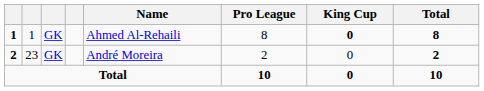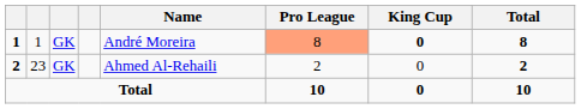 <table class="wikitable" style="text-align:center">
 <tr>
 <th width=15></th>
 <th width=15></th>
 <th width=15></th>
 <th width=15></th>
 <th width=165>Name</th>
 <th width=100>Pro League</th>
 <th width=100>King Cup</th>
 <th width=100>Total</th>
 </tr>
 <tr>
 <td><strong>1</strong></td>
 <td>1</td>
 <td><a href='#'>GK</a></td>
 <td></td>
-<td align=left><a href='#'>Ahmed Al-Rehaili</a></td>
-<td>8</td>
+<td align=left><a href='#'>André Moreira</a></td>
+<td style="background: lightsalmon;">8</td>
 <td><strong>0</strong></td>
 <td><strong>8</strong></td>
 </tr>
 <tr>
 <td><strong>2</strong></td>
 <td>23</td>
 <td><a href='#'>GK</a></td>
 <td></td>
-<td align=left><a href='#'>André Moreira</a></td>
+<td align=left><a href='#'>Ahmed Al-Rehaili</a></td>
 <td>2</td>
 <td>0</td>
 <td><strong>2</strong></td>
 </tr>
 <tr>
 <td colspan=5><strong>Total</strong></td>
 <td><strong>10</strong></td>
 <td><strong>0</strong></td>
 <td><strong>10</strong></td>
 </tr>
 </table>
